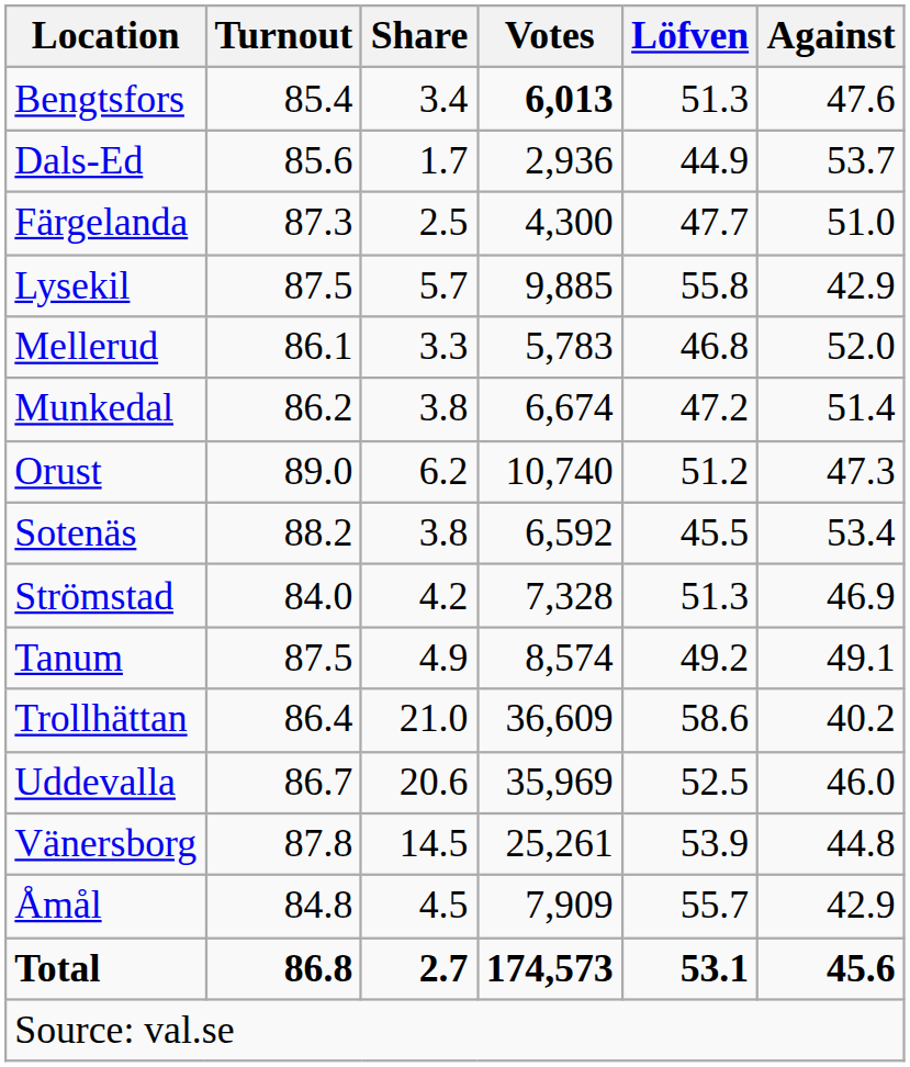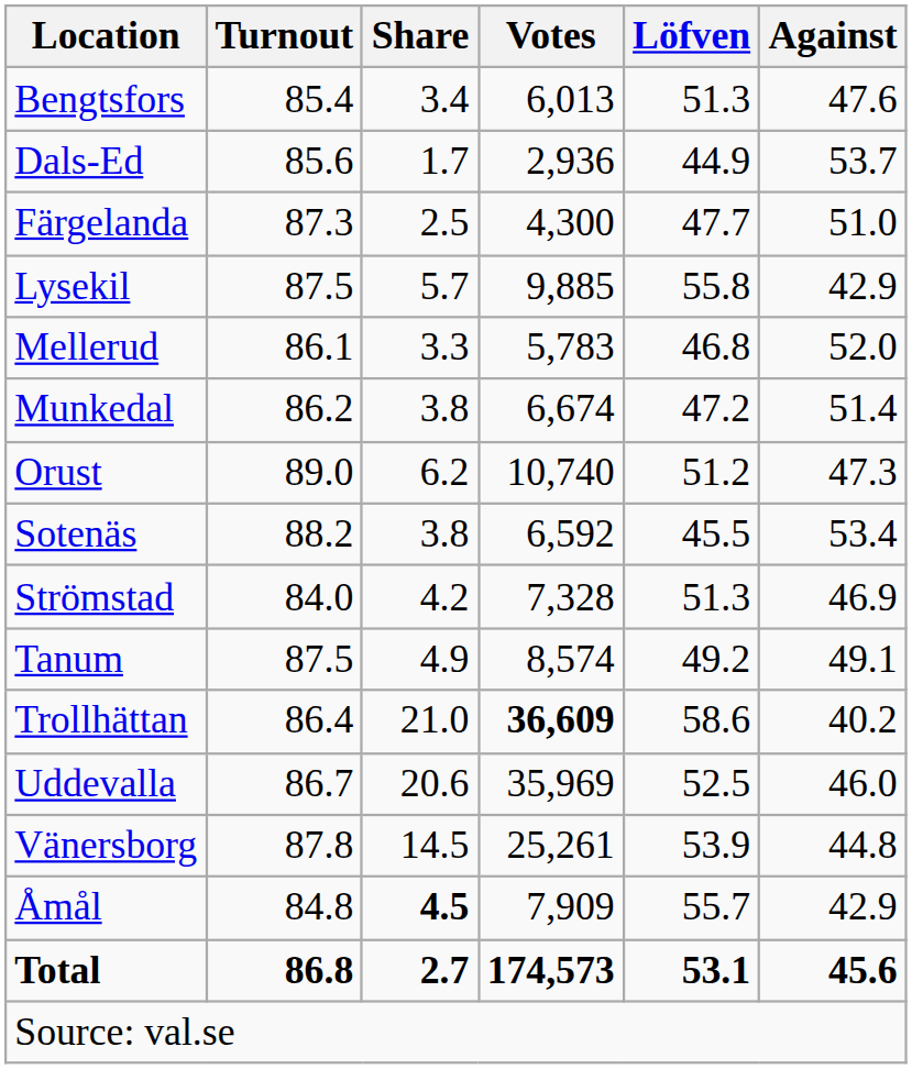 <table class="wikitable sortable" style=text-align:right>
 <tr>
 <th>Location</th>
 <th>Turnout</th>
 <th>Share</th>
 <th>Votes</th>
 <th><a href='#'>Löfven</a></th>
 <th>Against</th>
 </tr>
 <tr>
 <td align=left><a href='#'>Bengtsfors</a></td>
 <td>85.4</td>
 <td>3.4</td>
-<td><strong>6,013</strong></td>
+<td>6,013</td>
 <td>51.3</td>
 <td>47.6</td>
 </tr>
 <tr>
 <td align=left><a href='#'>Dals-Ed</a></td>
 <td>85.6</td>
 <td>1.7</td>
 <td>2,936</td>
 <td>44.9</td>
 <td>53.7</td>
 </tr>
 <tr>
 <td align=left><a href='#'>Färgelanda</a></td>
 <td>87.3</td>
 <td>2.5</td>
 <td>4,300</td>
 <td>47.7</td>
 <td>51.0</td>
 </tr>
 <tr>
 <td align=left><a href='#'>Lysekil</a></td>
 <td>87.5</td>
 <td>5.7</td>
 <td>9,885</td>
 <td>55.8</td>
 <td>42.9</td>
 </tr>
 <tr>
 <td align=left><a href='#'>Mellerud</a></td>
 <td>86.1</td>
 <td>3.3</td>
 <td>5,783</td>
 <td>46.8</td>
 <td>52.0</td>
 </tr>
 <tr>
 <td align=left><a href='#'>Munkedal</a></td>
 <td>86.2</td>
 <td>3.8</td>
 <td>6,674</td>
 <td>47.2</td>
 <td>51.4</td>
 </tr>
 <tr>
 <td align=left><a href='#'>Orust</a></td>
 <td>89.0</td>
 <td>6.2</td>
 <td>10,740</td>
 <td>51.2</td>
 <td>47.3</td>
 </tr>
 <tr>
 <td align=left><a href='#'>Sotenäs</a></td>
 <td>88.2</td>
 <td>3.8</td>
 <td>6,592</td>
 <td>45.5</td>
 <td>53.4</td>
 </tr>
 <tr>
 <td align=left><a href='#'>Strömstad</a></td>
 <td>84.0</td>
 <td>4.2</td>
 <td>7,328</td>
 <td>51.3</td>
 <td>46.9</td>
 </tr>
 <tr>
 <td align=left><a href='#'>Tanum</a></td>
 <td>87.5</td>
 <td>4.9</td>
 <td>8,574</td>
 <td>49.2</td>
 <td>49.1</td>
 </tr>
 <tr>
 <td align=left><a href='#'>Trollhättan</a></td>
 <td>86.4</td>
 <td>21.0</td>
-<td>36,609</td>
+<td><strong>36,609</strong></td>
 <td>58.6</td>
 <td>40.2</td>
 </tr>
 <tr>
 <td align=left><a href='#'>Uddevalla</a></td>
 <td>86.7</td>
 <td>20.6</td>
 <td>35,969</td>
 <td>52.5</td>
 <td>46.0</td>
 </tr>
 <tr>
 <td align=left><a href='#'>Vänersborg</a></td>
 <td>87.8</td>
 <td>14.5</td>
 <td>25,261</td>
 <td>53.9</td>
 <td>44.8</td>
 </tr>
 <tr>
 <td align=left><a href='#'>Åmål</a></td>
 <td>84.8</td>
-<td>4.5</td>
+<td><strong>4.5</strong></td>
 <td>7,909</td>
 <td>55.7</td>
 <td>42.9</td>
 </tr>
 <tr>
 <td align=left><strong>Total</strong></td>
 <td><strong>86.8</strong></td>
 <td><strong>2.7</strong></td>
 <td><strong>174,573</strong></td>
 <td><strong>53.1</strong></td>
 <td><strong>45.6</strong></td>
 </tr>
 <tr>
 <td align=left colspan=6>Source: val.se</td>
 </tr>
 </table>
